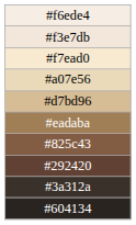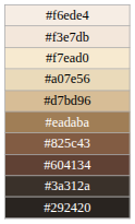 <table class=wikitable style="text-align:center; min-width:150px">
 <tr style="background-color:#f6ede4; color:#000000">
 <td>#f6ede4</td>
 </tr>
 <tr style="background-color:#f3e7db; color:#000000">
 <td>#f3e7db</td>
 </tr>
 <tr style="background-color:#f7ead0; color:#000000">
 <td>#f7ead0</td>
 </tr>
 <tr style="background-color:#eadaba; color:#000000">
 <td>#a07e56</td>
 </tr>
 <tr style="background-color:#d7bd96; color:#000000">
 <td>#d7bd96</td>
 </tr>
 <tr style="background-color:#a07e56; color:#ffffff">
 <td>#eadaba</td>
 </tr>
 <tr style="background-color:#825c43; color:#ffffff">
 <td>#825c43</td>
 </tr>
 <tr style="background-color:#604134; color:#ffffff">
-<td>#292420</td>
+<td>#604134</td>
 </tr>
 <tr style="background-color:#3a312a; color:#ffffff">
 <td>#3a312a</td>
 </tr>
 <tr style="background-color:#292420; color:#ffffff">
-<td>#604134</td>
+<td>#292420</td>
 </tr>
 </table>
